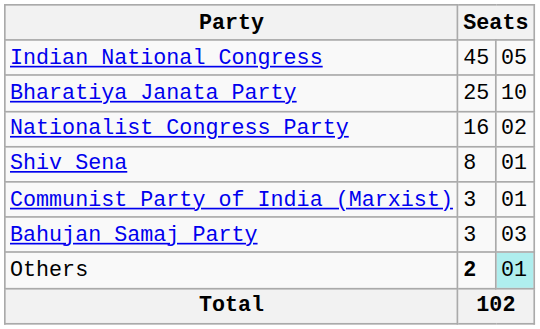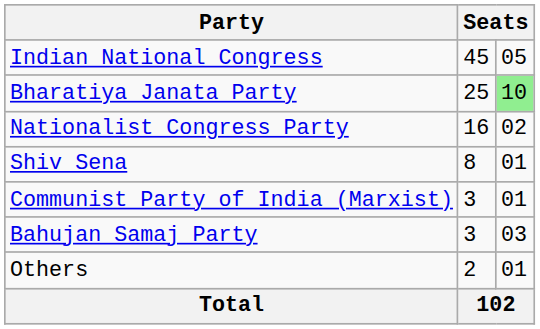 <table class="wikitable">
 <tr>
 <th>Party</th>
 <th colspan="2">Seats</th>
 </tr>
 <tr>
 <td><a href='#'>Indian National Congress</a></td>
 <td>45</td>
 <td> 05</td>
 </tr>
 <tr>
 <td><a href='#'>Bharatiya Janata Party</a></td>
 <td>25</td>
-<td> 10</td>
+<td style="background: lightgreen;"> 10</td>
 </tr>
 <tr>
 <td><a href='#'>Nationalist Congress Party</a></td>
 <td>16</td>
 <td> 02</td>
 </tr>
 <tr>
 <td><a href='#'>Shiv Sena</a></td>
 <td>8</td>
 <td> 01</td>
 </tr>
 <tr>
 <td><a href='#'>Communist Party of India (Marxist)</a></td>
 <td>3</td>
 <td> 01</td>
 </tr>
 <tr>
 <td><a href='#'>Bahujan Samaj Party</a></td>
 <td>3</td>
 <td> 03</td>
 </tr>
 <tr>
 <td>Others</td>
-<td><strong>2</strong></td>
-<td style="background: paleturquoise;"> 01</td>
+<td>2</td>
+<td> 01</td>
 </tr>
 <tr>
 <th><strong>Total</strong></th>
 <th colspan="2">102</th>
 </tr>
 </table>
